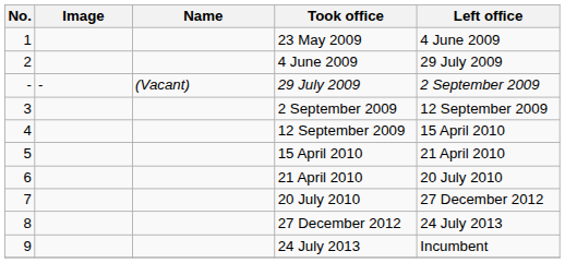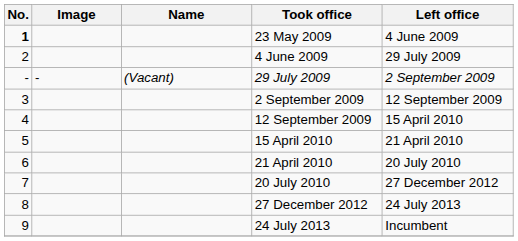 <table class="wikitable">
 <tr>
 <th style="width:20px;">No.</th>
 <th style="width:100px;">Image</th>
 <th style="width:150px;">Name</th>
 <th style="width:150px;">Took office</th>
 <th style="width:150px;">Left office</th>
 </tr>
 <tr>
-<td style="text-align:right;">1</td>
+<td style="text-align:right;"><strong>1</strong></td>
 <td></td>
 <td></td>
 <td>23 May 2009</td>
 <td>4 June 2009</td>
 </tr>
 <tr>
 <td style="text-align:right;">2</td>
 <td></td>
 <td></td>
 <td>4 June 2009</td>
 <td>29 July 2009</td>
 </tr>
 <tr>
 <td style="text-align:right;">-</td>
 <td>-</td>
 <td><em>(Vacant)</em></td>
 <td><em>29 July 2009</em></td>
 <td><em>2 September 2009</em></td>
 </tr>
 <tr>
 <td style="text-align:right;">3</td>
 <td></td>
 <td></td>
 <td>2 September 2009</td>
 <td>12 September 2009</td>
 </tr>
 <tr>
 <td style="text-align:right;">4</td>
 <td></td>
 <td></td>
 <td>12 September 2009</td>
 <td>15 April 2010</td>
 </tr>
 <tr>
 <td style="text-align:right;">5</td>
 <td></td>
 <td></td>
 <td>15 April 2010</td>
 <td>21 April 2010</td>
 </tr>
 <tr>
 <td style="text-align:right;">6</td>
 <td></td>
 <td></td>
 <td>21 April 2010</td>
 <td>20 July 2010</td>
 </tr>
 <tr>
 <td style="text-align:right;">7</td>
 <td></td>
 <td></td>
 <td>20 July 2010</td>
 <td>27 December 2012</td>
 </tr>
 <tr>
 <td style="text-align:right;">8</td>
 <td></td>
 <td></td>
 <td>27 December 2012</td>
 <td>24 July 2013</td>
 </tr>
 <tr>
 <td style="text-align:right;">9</td>
 <td></td>
 <td></td>
 <td>24 July 2013</td>
 <td>Incumbent</td>
 </tr>
 <tr>
 </tr>
 </table>
